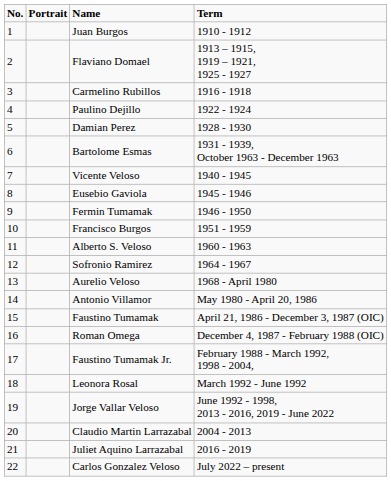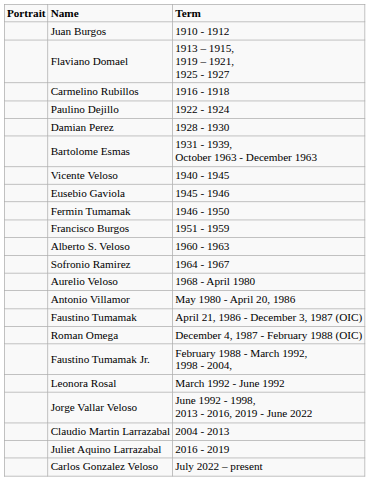 <table class="wikitable">
 <tr>
-<td><strong>No.</strong></td>
 <td><strong>Portrait</strong></td>
 <td><strong>Name</strong></td>
 <td><strong>Term</strong></td>
 </tr>
 <tr>
-<td>1</td>
 <td></td>
 <td>Juan Burgos</td>
 <td>1910 - 1912</td>
 </tr>
 <tr>
-<td>2</td>
 <td></td>
 <td>Flaviano Domael</td>
 <td>1913 – 1915,<br>1919 – 1921,<br>1925 - 1927</td>
 </tr>
 <tr>
-<td>3</td>
 <td></td>
 <td>Carmelino Rubillos</td>
 <td>1916 - 1918</td>
 </tr>
 <tr>
-<td>4</td>
 <td></td>
 <td>Paulino Dejillo</td>
 <td>1922 - 1924</td>
 </tr>
 <tr>
-<td>5</td>
 <td></td>
 <td>Damian Perez</td>
 <td>1928 - 1930</td>
 </tr>
 <tr>
-<td>6</td>
 <td></td>
 <td>Bartolome Esmas</td>
 <td>1931 - 1939,<br>October 1963 - December 1963</td>
 </tr>
 <tr>
-<td>7</td>
 <td></td>
 <td>Vicente Veloso</td>
 <td>1940 - 1945</td>
 </tr>
 <tr>
-<td>8</td>
 <td></td>
 <td>Eusebio Gaviola</td>
 <td>1945 - 1946</td>
 </tr>
 <tr>
-<td>9</td>
 <td></td>
 <td>Fermin Tumamak</td>
 <td>1946 - 1950</td>
 </tr>
 <tr>
-<td>10</td>
 <td></td>
 <td>Francisco Burgos</td>
 <td>1951 - 1959</td>
 </tr>
 <tr>
-<td>11</td>
 <td></td>
 <td>Alberto S. Veloso</td>
 <td>1960 - 1963</td>
 </tr>
 <tr>
-<td>12</td>
 <td></td>
 <td>Sofronio Ramirez</td>
 <td>1964 - 1967</td>
 </tr>
 <tr>
-<td>13</td>
 <td></td>
 <td>Aurelio Veloso</td>
 <td>1968 - April 1980</td>
 </tr>
 <tr>
-<td>14</td>
 <td></td>
 <td>Antonio Villamor</td>
 <td>May 1980 - April 20, 1986</td>
 </tr>
 <tr>
-<td>15</td>
 <td></td>
 <td>Faustino Tumamak</td>
 <td>April 21, 1986 - December 3, 1987 (OIC)</td>
 </tr>
 <tr>
-<td>16</td>
 <td></td>
 <td>Roman Omega</td>
 <td>December 4, 1987 - February 1988 (OIC)</td>
 </tr>
 <tr>
-<td>17</td>
 <td></td>
 <td>Faustino Tumamak Jr.</td>
 <td>February 1988 - March 1992,<br>1998 - 2004,</td>
 </tr>
 <tr>
-<td>18</td>
 <td></td>
 <td>Leonora Rosal</td>
 <td>March 1992 - June 1992</td>
 </tr>
 <tr>
-<td>19</td>
 <td></td>
 <td>Jorge Vallar Veloso</td>
 <td>June 1992 - 1998,<br>2013 - 2016, 2019 - June 2022</td>
 </tr>
 <tr>
-<td>20</td>
 <td></td>
 <td>Claudio Martin Larrazabal</td>
 <td>2004 - 2013</td>
 </tr>
 <tr>
-<td>21</td>
 <td></td>
 <td>Juliet Aquino Larrazabal</td>
 <td>2016 - 2019</td>
 </tr>
 <tr>
-<td>22</td>
 <td></td>
 <td>Carlos Gonzalez Veloso</td>
 <td>July 2022 – present</td>
 </tr>
 </table>
